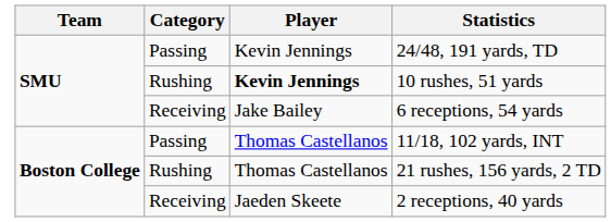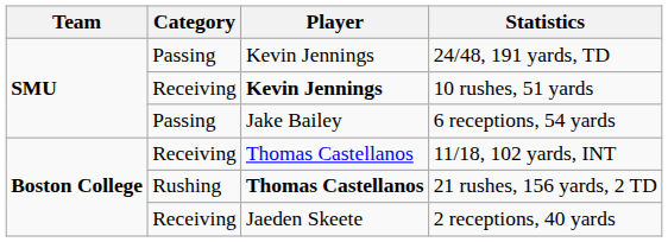 <table class="wikitable" style="float: right;">
 <tr>
 <th>Team</th>
 <th>Category</th>
 <th>Player</th>
 <th>Statistics</th>
 </tr>
 <tr>
 <td rowspan=3><strong>SMU</strong></td>
 <td>Passing</td>
 <td>Kevin Jennings</td>
 <td>24/48, 191 yards, TD</td>
 </tr>
 <tr>
-<td>Rushing</td>
+<td>Receiving</td>
 <td><strong>Kevin Jennings</strong></td>
 <td>10 rushes, 51 yards</td>
 </tr>
 <tr>
-<td>Receiving</td>
+<td>Passing</td>
 <td>Jake Bailey</td>
 <td>6 receptions, 54 yards</td>
 </tr>
 <tr>
 <td rowspan=3><strong>Boston College</strong></td>
-<td>Passing</td>
+<td>Receiving</td>
 <td><a href='#'>Thomas Castellanos</a></td>
 <td>11/18, 102 yards, INT</td>
 </tr>
 <tr>
 <td>Rushing</td>
-<td>Thomas Castellanos</td>
+<td><strong>Thomas Castellanos</strong></td>
 <td>21 rushes, 156 yards, 2 TD</td>
 </tr>
 <tr>
 <td>Receiving</td>
 <td>Jaeden Skeete</td>
 <td>2 receptions, 40 yards</td>
 </tr>
 </table>
